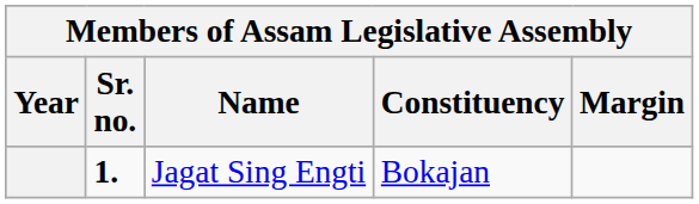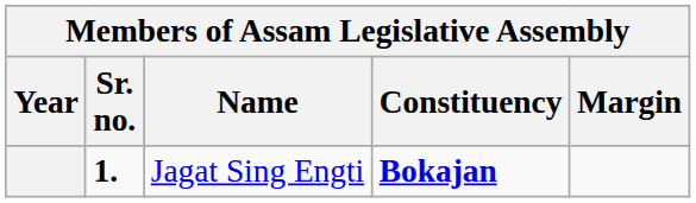 <table class="wikitable sortable">
 <tr>
 <th colspan="5">Members of Assam Legislative Assembly</th>
 </tr>
 <tr>
 <th>Year</th>
 <th>Sr.<br>no.</th>
 <th>Name</th>
 <th>Constituency</th>
 <th>Margin</th>
 </tr>
 <tr>
 <th></th>
 <td><strong>1.</strong></td>
 <td><a href='#'>Jagat Sing Engti</a></td>
-<td><a href='#'>Bokajan</a></td>
+<td><strong><a href='#'>Bokajan</a></strong></td>
 <td></td>
 </tr>
 </table>
